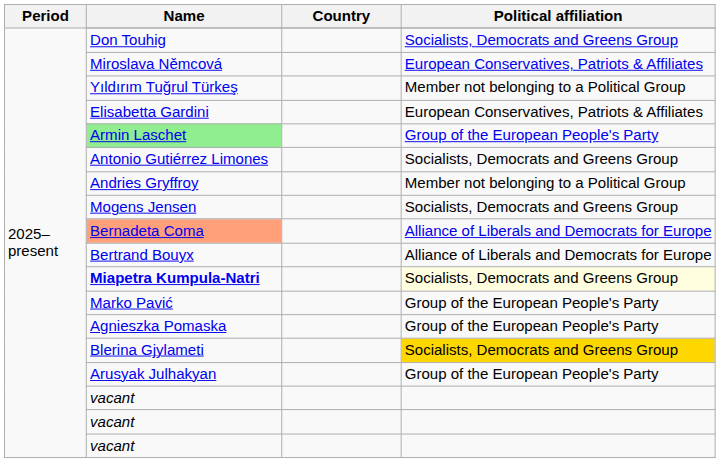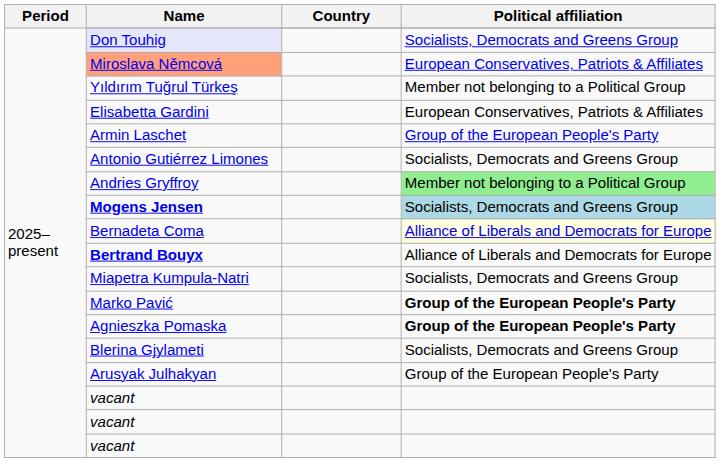 <table class="wikitable sortable center">
 <tr>
 <th width="80">Period</th>
 <th width="200">Name</th>
 <th width="120">Country</th>
 <th>Political affiliation</th>
 </tr>
 <tr>
 <td rowspan="19">2025–present</td>
 </tr>
 <tr>
-<td><a href='#'>Don Touhig</a></td>
+<td style="background: lavender;"><a href='#'>Don Touhig</a></td>
 <td></td>
 <td><a href='#'>Socialists, Democrats and Greens Group</a></td>
 </tr>
 <tr>
-<td><a href='#'>Miroslava Němcová</a></td>
+<td style="background: lightsalmon;"><a href='#'>Miroslava Němcová</a></td>
 <td></td>
 <td><a href='#'>European Conservatives, Patriots & Affiliates</a></td>
 </tr>
 <tr>
 <td><a href='#'>Yıldırım Tuğrul Türkeş</a></td>
 <td></td>
 <td>Member not belonging to a Political Group</td>
 </tr>
 <tr>
 <td><a href='#'>Elisabetta Gardini</a></td>
 <td></td>
 <td>European Conservatives, Patriots & Affiliates</td>
 </tr>
 <tr>
-<td style="background: lightgreen;"><a href='#'>Armin Laschet</a></td>
+<td><a href='#'>Armin Laschet</a></td>
 <td></td>
 <td><a href='#'>Group of the European People's Party</a></td>
 </tr>
 <tr>
 <td><a href='#'>Antonio Gutiérrez Limones</a></td>
 <td></td>
 <td>Socialists, Democrats and Greens Group</td>
 </tr>
 <tr>
 <td><a href='#'>Andries Gryffroy</a></td>
 <td></td>
-<td>Member not belonging to a Political Group</td>
+<td style="background: lightgreen;">Member not belonging to a Political Group</td>
 </tr>
 <tr>
-<td><a href='#'>Mogens Jensen</a></td>
+<td><strong><a href='#'>Mogens Jensen</a></strong></td>
+<td></td>
+<td style="background: lightblue;">Socialists, Democrats and Greens Group</td>
+</tr>
+<tr>
+<td><a href='#'>Bernadeta Coma</a></td>
+<td></td>
+<td style="background: lightyellow;"><a href='#'>Alliance of Liberals and Democrats for Europe</a></td>
+</tr>
+<tr>
+<td><strong><a href='#'>Bertrand Bouyx</a></strong></td>
+<td></td>
+<td>Alliance of Liberals and Democrats for Europe</td>
+</tr>
+<tr>
+<td><a href='#'>Miapetra Kumpula-Natri</a></td>
 <td></td>
 <td>Socialists, Democrats and Greens Group</td>
 </tr>
 <tr>
-<td style="background: lightsalmon;"><a href='#'>Bernadeta Coma</a></td>
-<td></td>
-<td><a href='#'>Alliance of Liberals and Democrats for Europe</a></td>
-</tr>
-<tr>
-<td><a href='#'>Bertrand Bouyx</a></td>
-<td></td>
-<td>Alliance of Liberals and Democrats for Europe</td>
-</tr>
-<tr>
-<td><strong><a href='#'>Miapetra Kumpula-Natri</a></strong></td>
-<td></td>
-<td style="background: lightyellow;">Socialists, Democrats and Greens Group</td>
-</tr>
-<tr>
 <td><a href='#'>Marko Pavić</a></td>
 <td></td>
-<td>Group of the European People's Party</td>
+<td><strong>Group of the European People's Party</strong></td>
 </tr>
 <tr>
 <td><a href='#'>Agnieszka Pomaska</a></td>
 <td></td>
-<td>Group of the European People's Party</td>
+<td><strong>Group of the European People's Party</strong></td>
 </tr>
 <tr>
 <td><a href='#'>Blerina Gjylameti</a></td>
 <td></td>
-<td style="background: gold;">Socialists, Democrats and Greens Group</td>
+<td>Socialists, Democrats and Greens Group</td>
 </tr>
 <tr>
 <td><a href='#'>Arusyak Julhakyan</a></td>
 <td></td>
 <td>Group of the European People's Party</td>
 </tr>
 <tr>
 <td><em>vacant</em></td>
 <td></td>
 <td></td>
 </tr>
 <tr>
 <td><em>vacant</em></td>
 <td></td>
 <td></td>
 </tr>
 <tr>
 <td><em>vacant</em></td>
 <td></td>
 <td></td>
 </tr>
 </table>
